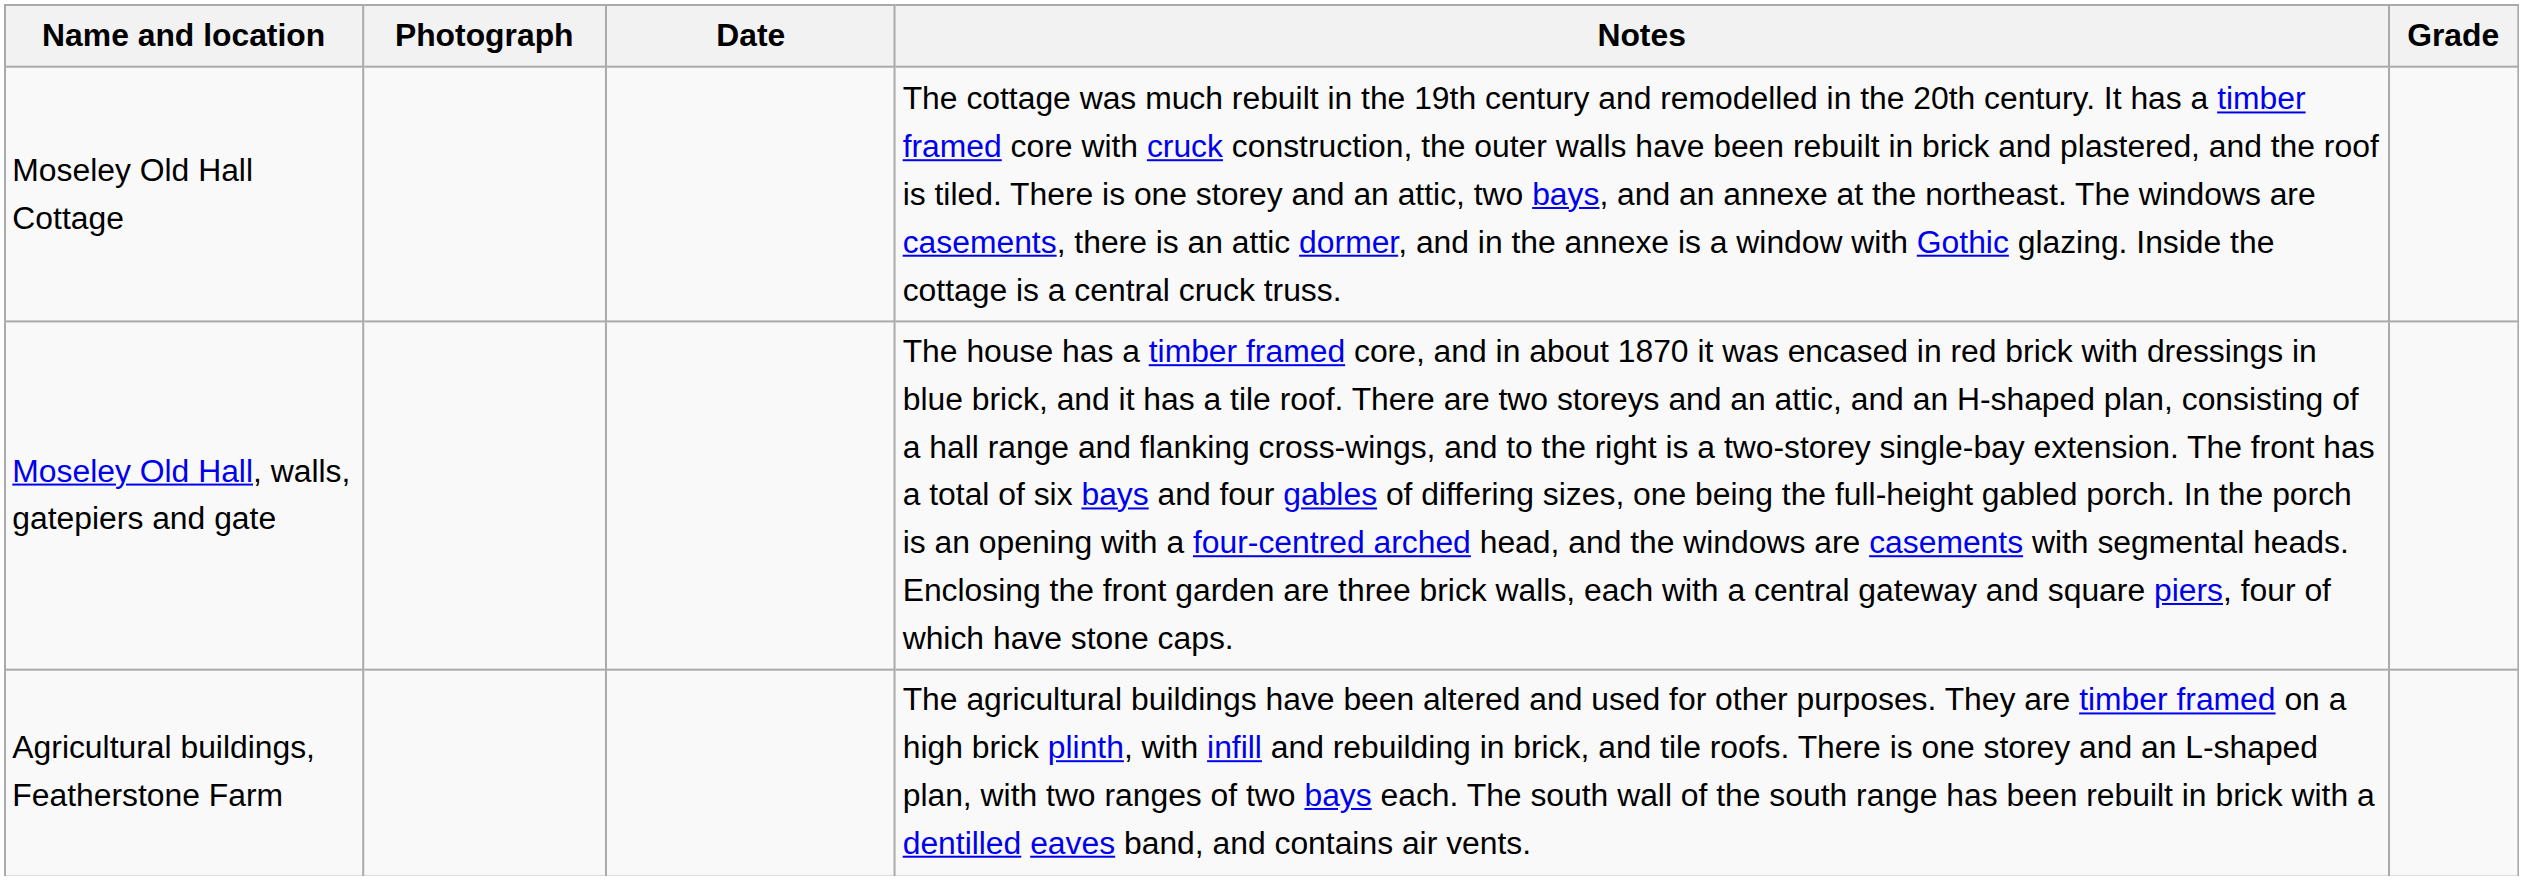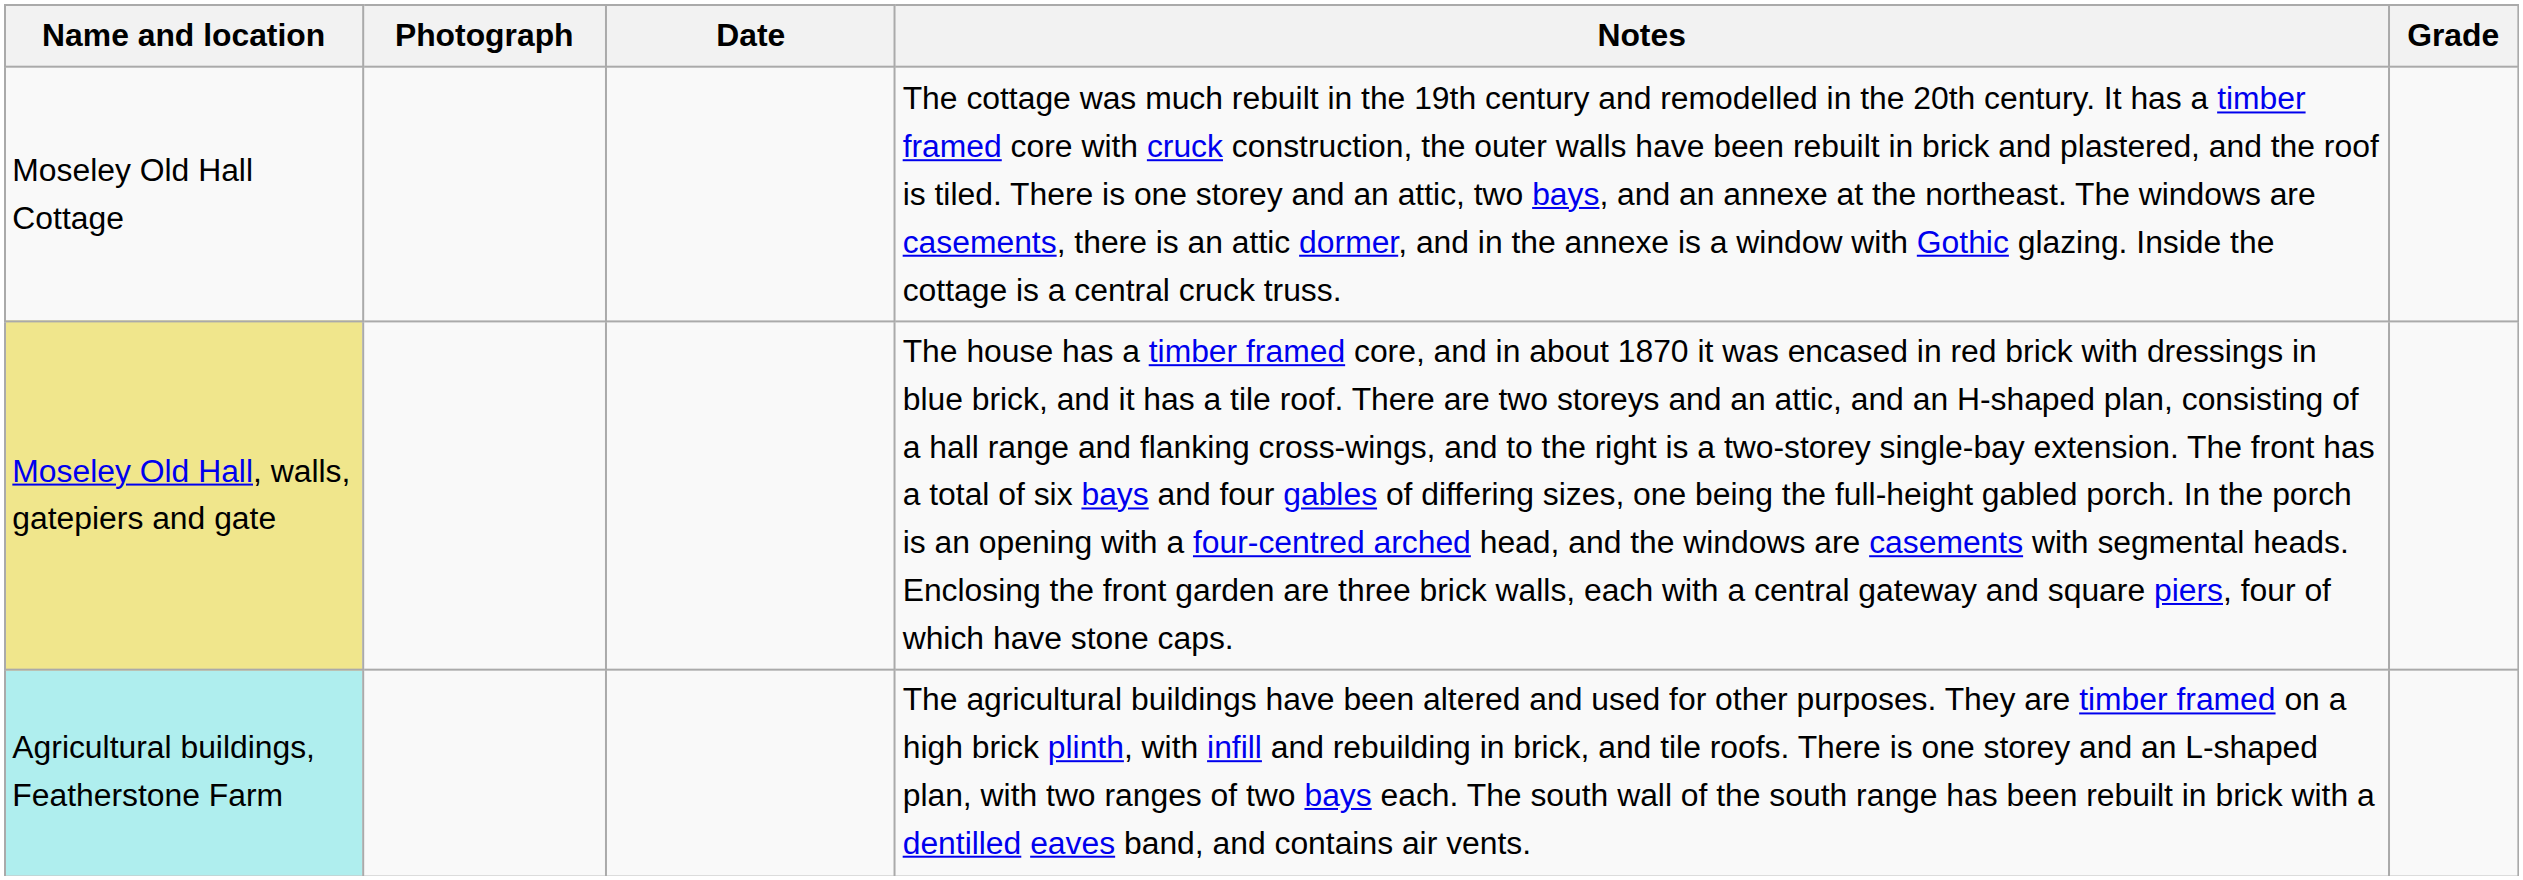 <table class="wikitable sortable plainrowheaders" style="width:100%; border:0; text-align:left; line-height:150%;">
 <tr>
 <th scope="col"  style="width:150px">Name and location</th>
 <th scope="col"  style="width:100px" class="unsortable">Photograph</th>
 <th scope="col"  style="width:120px">Date</th>
 <th scope="col"  style="width:650px" class="unsortable">Notes</th>
 <th scope="col"  style="width:50px">Grade</th>
 </tr>
 <tr>
 <td>Moseley Old Hall Cottage<br><small></small></td>
 <td></td>
 <td align="center"></td>
 <td>The cottage was much rebuilt in the 19th century and remodelled in the 20th century. It has a <a href='#'>timber framed</a> core with <a href='#'>cruck</a> construction, the outer walls have been rebuilt in brick and plastered, and the roof is tiled. There is one storey and an attic, two <a href='#'>bays</a>, and an annexe at the northeast. The windows are <a href='#'>casements</a>, there is an attic <a href='#'>dormer</a>, and in the annexe is a window with <a href='#'>Gothic</a> glazing. Inside the cottage is a central cruck truss.</td>
 <td align="center" ></td>
 </tr>
 <tr>
-<td><a href='#'>Moseley Old Hall</a>, walls, gatepiers and gate<br><small></small></td>
+<td style="background: khaki;"><a href='#'>Moseley Old Hall</a>, walls, gatepiers and gate<br><small></small></td>
 <td></td>
 <td align="center"></td>
 <td>The house has a <a href='#'>timber framed</a> core, and in about 1870 it was encased in red brick with dressings in blue brick, and it has a tile roof. There are two storeys and an attic, and an H-shaped plan, consisting of a hall range and flanking cross-wings, and to the right is a two-storey single-bay extension. The front has a total of six <a href='#'>bays</a> and four <a href='#'>gables</a> of differing sizes, one being the full-height gabled porch. In the porch is an opening with a <a href='#'>four-centred arched</a> head, and the windows are <a href='#'>casements</a> with segmental heads. Enclosing the front garden are three brick walls, each with a central gateway and square <a href='#'>piers</a>, four of which have stone caps.</td>
 <td align="center" ></td>
 </tr>
 <tr>
-<td>Agricultural buildings, Featherstone Farm<br><small></small></td>
+<td style="background: paleturquoise;">Agricultural buildings, Featherstone Farm<br><small></small></td>
 <td></td>
 <td align="center"></td>
 <td>The agricultural buildings have been altered and used for other purposes. They are <a href='#'>timber framed</a> on a high brick <a href='#'>plinth</a>, with <a href='#'>infill</a> and rebuilding in brick, and tile roofs. There is one storey and an L-shaped plan, with two ranges of two <a href='#'>bays</a> each. The south wall of the south range has been rebuilt in brick with a <a href='#'>dentilled</a> <a href='#'>eaves</a> band, and contains air vents.</td>
 <td align="center" ></td>
 </tr>
 <tr>
 </tr>
 </table>
